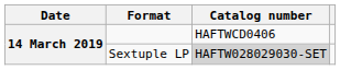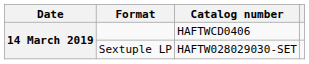 <table class="wikitable plainrowheaders">
 <tr>
 <th scope="col">Date</th>
 <th scope="col">Format</th>
 <th scope="col">Catalog number</th>
 <th scope="col"></th>
 </tr>
 <tr>
 <th scope="row" rowspan="2">14 March 2019</th>
 <td></td>
 <td>HAFTWCD0406</td>
 <td></td>
 </tr>
 <tr>
 <td>Sextuple LP</td>
-<td style="background: lightgrey;">HAFTW028029030-SET</td>
+<td>HAFTW028029030-SET</td>
 <td></td>
 </tr>
 </table>
